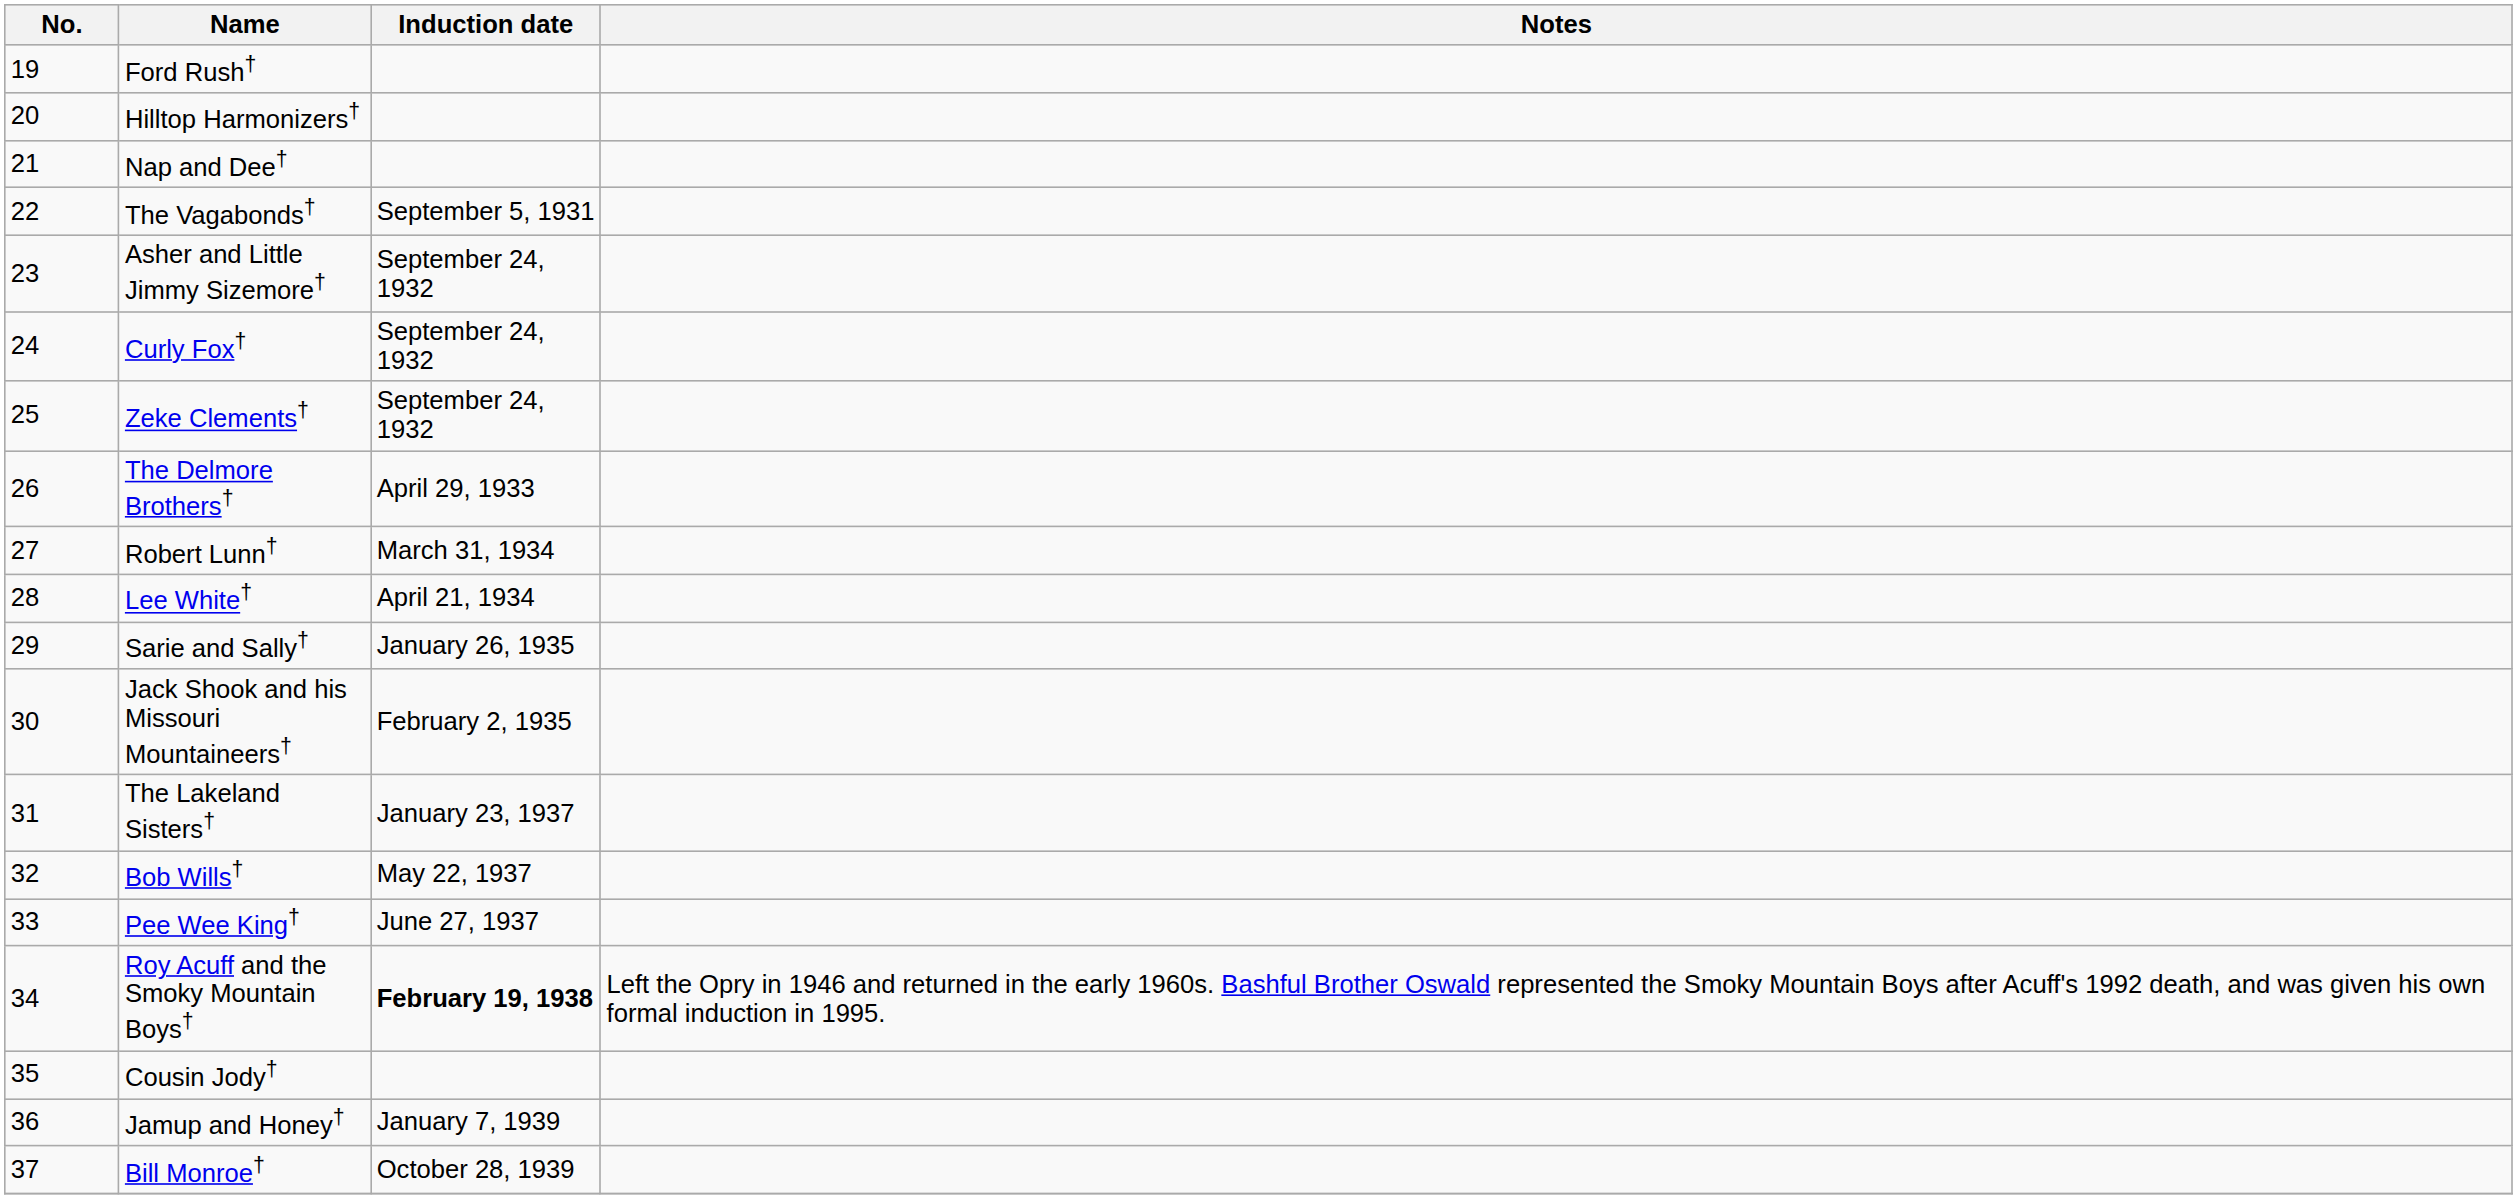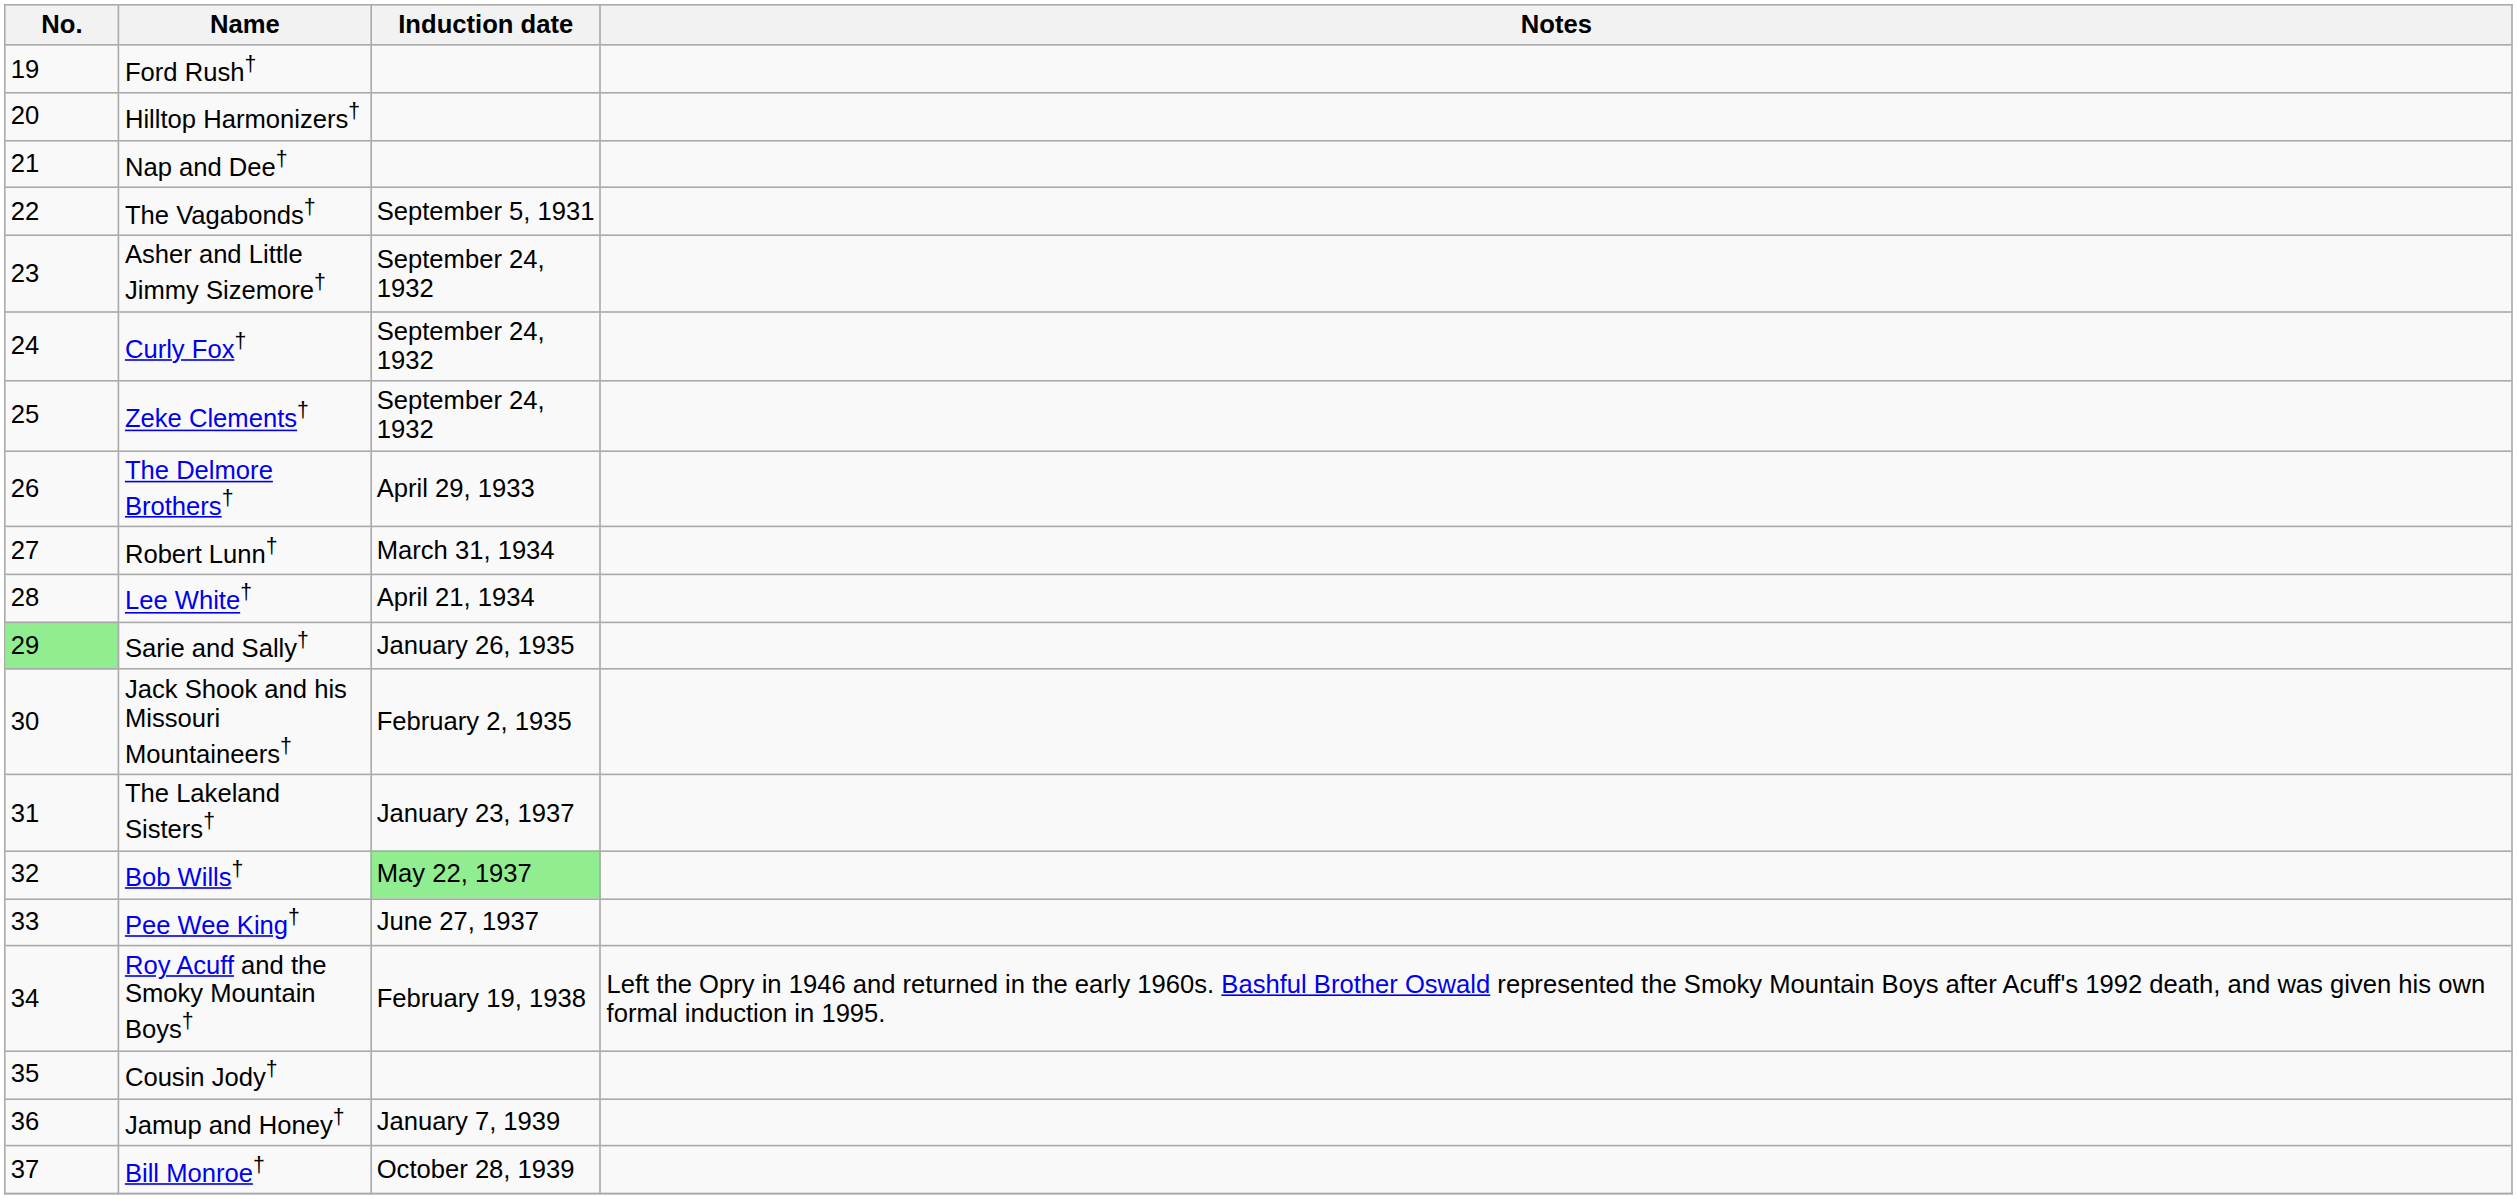 <table class="wikitable sortable">
 <tr>
 <th scope="col" style="width:4em;">No.</th>
 <th scope="col" style="width:150px;">Name</th>
 <th scope="col" class="unsortable" >Induction date</th>
 <th scope="col">Notes</th>
 </tr>
 <tr>
 <td>19</td>
 <td>Ford Rush<sup>†</sup></td>
 <td></td>
 <td></td>
 </tr>
 <tr>
 <td>20</td>
 <td>Hilltop Harmonizers<sup>†</sup></td>
 <td></td>
 <td></td>
 </tr>
 <tr>
 <td>21</td>
 <td>Nap and Dee<sup>†</sup></td>
 <td></td>
 <td></td>
 </tr>
 <tr>
 <td>22</td>
 <td The Vagabonds (musical group)>The Vagabonds<sup>†</sup></td>
 <td>September 5, 1931</td>
 <td></td>
 </tr>
 <tr>
 <td>23</td>
 <td>Asher and Little Jimmy Sizemore<sup>†</sup></td>
 <td>September 24, 1932</td>
 <td></td>
 </tr>
 <tr>
 <td>24</td>
 <td><a href='#'>Curly Fox</a><sup>†</sup></td>
 <td>September 24, 1932</td>
 <td></td>
 </tr>
 <tr>
 <td>25</td>
 <td><a href='#'>Zeke Clements</a><sup>†</sup></td>
 <td>September 24, 1932</td>
 <td></td>
 </tr>
 <tr>
 <td>26</td>
 <td><a href='#'>The Delmore Brothers</a><sup>†</sup></td>
 <td>April 29, 1933</td>
 <td></td>
 </tr>
 <tr>
 <td>27</td>
 <td>Robert Lunn<sup>†</sup></td>
 <td>March 31, 1934</td>
 <td></td>
 </tr>
 <tr>
 <td>28</td>
 <td><a href='#'>Lee White</a><sup>†</sup></td>
 <td>April 21, 1934</td>
 <td></td>
 </tr>
 <tr>
-<td>29</td>
+<td style="background: lightgreen;">29</td>
 <td>Sarie and Sally<sup>†</sup></td>
 <td>January 26, 1935</td>
 <td></td>
 </tr>
 <tr>
 <td>30</td>
 <td>Jack Shook and his Missouri Mountaineers<sup>†</sup></td>
 <td>February 2, 1935</td>
 <td></td>
 </tr>
 <tr>
 <td>31</td>
 <td>The Lakeland Sisters<sup>†</sup></td>
 <td>January 23, 1937</td>
 <td></td>
 </tr>
 <tr>
 <td>32</td>
 <td><a href='#'>Bob Wills</a><sup>†</sup></td>
-<td>May 22, 1937</td>
+<td style="background: lightgreen;">May 22, 1937</td>
 <td></td>
 </tr>
 <tr>
 <td>33</td>
 <td><a href='#'>Pee Wee King</a><sup>†</sup></td>
 <td>June 27, 1937</td>
 <td></td>
 </tr>
 <tr>
 <td>34</td>
 <td><a href='#'>Roy Acuff</a> and the Smoky Mountain Boys<sup>†</sup></td>
-<td><strong>February 19, 1938</strong></td>
+<td>February 19, 1938</td>
 <td>Left the Opry in 1946 and returned in the early 1960s. <a href='#'>Bashful Brother Oswald</a> represented the Smoky Mountain Boys after Acuff's 1992 death, and was given his own formal induction in 1995.</td>
 </tr>
 <tr>
 <td>35</td>
 <td>Cousin Jody<sup>†</sup></td>
 <td></td>
 <td></td>
 </tr>
 <tr>
 <td>36</td>
 <td>Jamup and Honey<sup>†</sup></td>
 <td>January 7, 1939</td>
 <td></td>
 </tr>
 <tr>
 <td>37</td>
 <td><a href='#'>Bill Monroe</a><sup>†</sup></td>
 <td>October 28, 1939</td>
 <td></td>
 </tr>
 <tr>
 </tr>
 </table>
